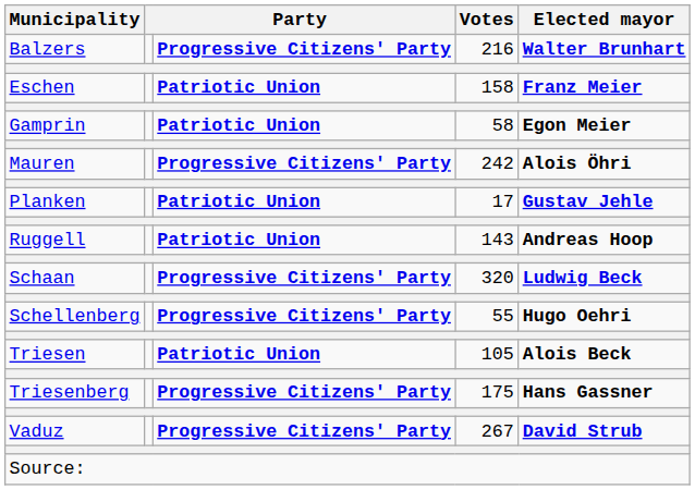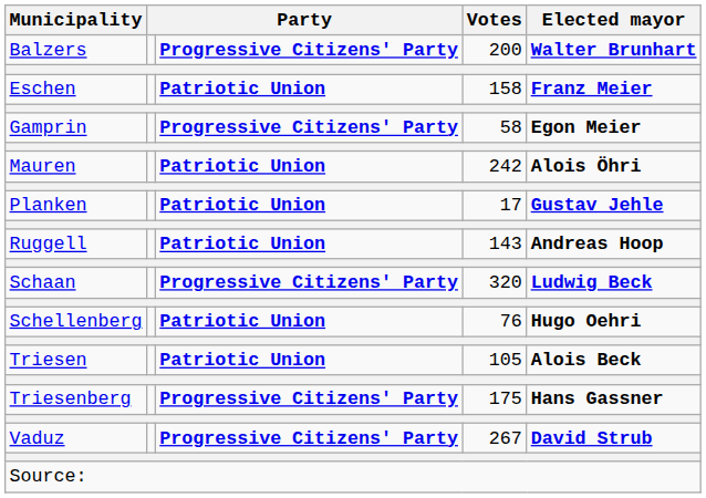 <table class="wikitable" style="text-align:right">
 <tr>
 <th>Municipality</th>
 <th colspan="2">Party</th>
 <th>Votes</th>
 <th>Elected mayor</th>
 </tr>
 <tr>
 <td align="left"><a href='#'>Balzers</a></td>
 <td style="color:inherit;background:"></td>
 <td align="left"><strong><a href='#'>Progressive Citizens' Party</a></strong></td>
-<td>216</td>
+<td>200</td>
 <td align="left"><strong><a href='#'>Walter Brunhart</a></strong></td>
 </tr>
 <tr>
 <th colspan="5"></th>
 </tr>
 <tr>
 <td align="left"><a href='#'>Eschen</a></td>
 <td style="color:inherit;background:"></td>
 <td align="left"><a href='#'><strong>Patriotic Union</strong></a></td>
 <td>158</td>
 <td align="left"><strong><a href='#'>Franz Meier</a></strong></td>
 </tr>
 <tr>
 <th colspan="5"></th>
 </tr>
 <tr>
 <td align="left"><a href='#'>Gamprin</a></td>
 <td style="color:inherit;background:"></td>
-<td align="left"><a href='#'><strong>Patriotic Union</strong></a></td>
+<td align="left"><strong><a href='#'>Progressive Citizens' Party</a></strong></td>
 <td>58</td>
 <td align="left"><strong>Egon Meier</strong></td>
 </tr>
 <tr>
 <th colspan="5"></th>
 </tr>
 <tr>
 <td align="left"><a href='#'>Mauren</a></td>
 <td style="color:inherit;background:"></td>
-<td align="left"><strong><a href='#'>Progressive Citizens' Party</a></strong></td>
+<td align="left"><a href='#'><strong>Patriotic Union</strong></a></td>
 <td>242</td>
 <td align="left"><strong>Alois Öhri</strong></td>
 </tr>
 <tr>
 <th colspan="5"></th>
 </tr>
 <tr>
 <td align="left"><a href='#'>Planken</a></td>
 <td style="color:inherit;background:"></td>
 <td align="left"><a href='#'><strong>Patriotic Union</strong></a></td>
 <td>17</td>
 <td align="left"><strong><a href='#'>Gustav Jehle</a></strong></td>
 </tr>
 <tr>
 <th colspan="5"></th>
 </tr>
 <tr>
 <td align="left"><a href='#'>Ruggell</a></td>
 <td style="color:inherit;background:"></td>
 <td align="left"><a href='#'><strong>Patriotic Union</strong></a></td>
 <td>143</td>
 <td align="left"><strong>Andreas Hoop</strong></td>
 </tr>
 <tr>
 <th colspan="5"></th>
 </tr>
 <tr>
 <td align="left"><a href='#'>Schaan</a></td>
 <td style="color:inherit;background:"></td>
 <td align="left"><strong><a href='#'>Progressive Citizens' Party</a></strong></td>
 <td>320</td>
 <td align="left"><strong><a href='#'>Ludwig Beck</a></strong></td>
 </tr>
 <tr>
 <th colspan="5"></th>
 </tr>
 <tr>
 <td align="left"><a href='#'>Schellenberg</a></td>
 <td style="color:inherit;background:"></td>
-<td align="left"><strong><a href='#'>Progressive Citizens' Party</a></strong></td>
-<td>55</td>
+<td align="left"><a href='#'><strong>Patriotic Union</strong></a></td>
+<td>76</td>
 <td align="left"><strong>Hugo Oehri</strong></td>
 </tr>
 <tr>
 <th colspan="5"></th>
 </tr>
 <tr>
 <td align="left"><a href='#'>Triesen</a></td>
 <td style="color:inherit;background:"></td>
 <td align="left"><a href='#'><strong>Patriotic Union</strong></a></td>
 <td>105</td>
 <td align="left"><strong>Alois Beck</strong></td>
 </tr>
 <tr>
 <th colspan="5"></th>
 </tr>
 <tr>
 <td align="left"><a href='#'>Triesenberg</a></td>
 <td style="color:inherit;background:"></td>
 <td align="left"><strong><a href='#'>Progressive Citizens' Party</a></strong></td>
 <td>175</td>
 <td align="left"><strong>Hans Gassner</strong></td>
 </tr>
 <tr>
 <th colspan="5"></th>
 </tr>
 <tr>
 <td align="left"><a href='#'>Vaduz</a></td>
 <td style="color:inherit;background:"></td>
 <td align="left"><strong><a href='#'>Progressive Citizens' Party</a></strong></td>
 <td>267</td>
 <td align="left"><strong><a href='#'>David Strub</a></strong></td>
 </tr>
 <tr>
 <th colspan="5"></th>
 </tr>
 <tr>
 <td colspan="5" align="left">Source: </td>
 </tr>
 </table>
